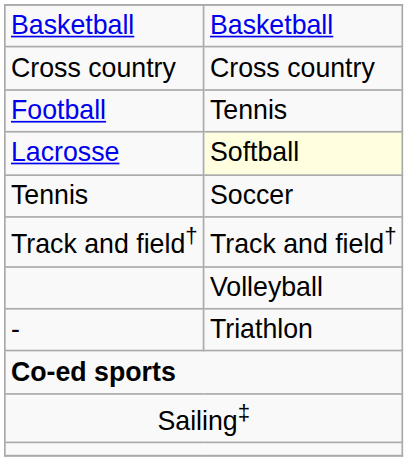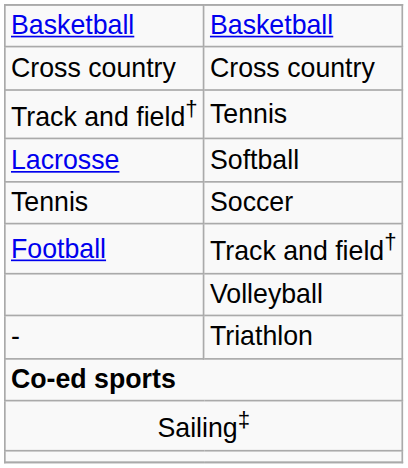 <table class="wikitable">
 <tr>
 </tr>
 <tr>
 <td><a href='#'>Basketball</a></td>
 <td><a href='#'>Basketball</a></td>
 </tr>
 <tr>
 <td>Cross country</td>
 <td>Cross country</td>
 </tr>
 <tr>
-<td><a href='#'>Football</a></td>
+<td>Track and field<sup>†</sup></td>
 <td>Tennis</td>
 </tr>
 <tr>
 <td><a href='#'>Lacrosse</a></td>
-<td style="background: lightyellow;">Softball</td>
+<td>Softball</td>
 </tr>
 <tr>
 <td>Tennis</td>
 <td>Soccer</td>
 </tr>
 <tr>
-<td>Track and field<sup>†</sup></td>
+<td><a href='#'>Football</a></td>
 <td>Track and field<sup>†</sup></td>
 </tr>
 <tr>
 <td></td>
 <td>Volleyball</td>
 </tr>
 <tr>
 <td>-</td>
 <td>Triathlon</td>
 </tr>
 <tr>
 <td colspan="2"><strong>Co-ed sports</strong></td>
 </tr>
 <tr style="text-align:center">
 <td colspan="2">Sailing<sup>‡</sup></td>
 </tr>
 <tr>
 <td colspan="2"></td>
 </tr>
 <tr>
 </tr>
 </table>
